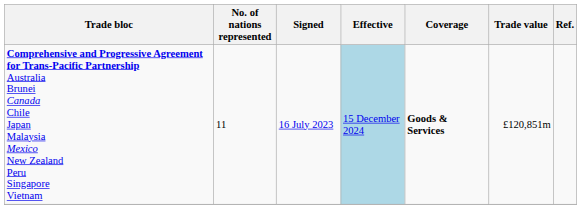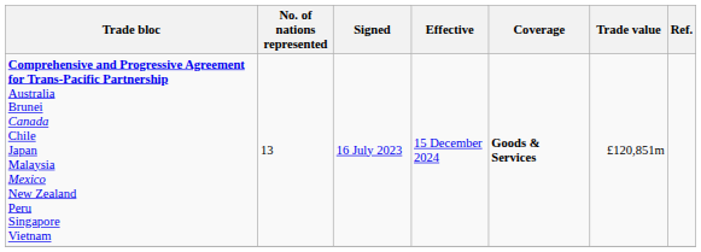 <table class="wikitable sortable">
 <tr>
 <th>Trade bloc</th>
 <th>No. of nations<br>represented</th>
 <th width=90>Signed</th>
 <th width=90>Effective</th>
 <th width=120>Coverage</th>
 <th width=90>Trade value</th>
 <th class=unsortable>Ref.</th>
 </tr>
 <tr>
 <td><strong><a href='#'>Comprehensive and Progressive Agreement for Trans-Pacific Partnership</a></strong><br> <a href='#'>Australia</a><br> <a href='#'>Brunei</a><br> <em><a href='#'>Canada</a></em><br> <a href='#'>Chile</a><br> <a href='#'>Japan</a><br> <a href='#'>Malaysia</a><br> <em><a href='#'>Mexico</a></em><br> <a href='#'>New Zealand</a><br> <a href='#'>Peru</a><br> <a href='#'>Singapore</a><br> <a href='#'>Vietnam</a></td>
-<td>11</td>
+<td>13</td>
 <td><a href='#'>16 July 2023</a></td>
-<td style="background: lightblue;"><a href='#'>15 December 2024</a></td>
+<td><a href='#'>15 December 2024</a></td>
 <td><strong>Goods & Services</strong></td>
 <td style="text-align:right">£120,851m</td>
 <td></td>
 </tr>
 <tr>
 </tr>
 </table>
